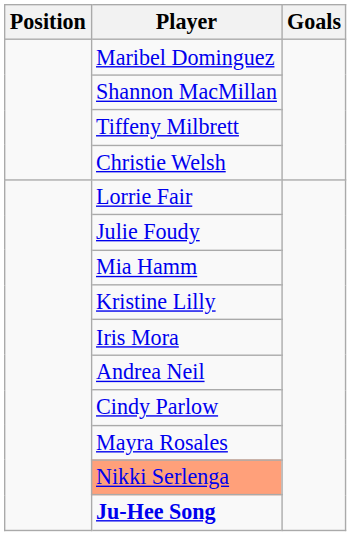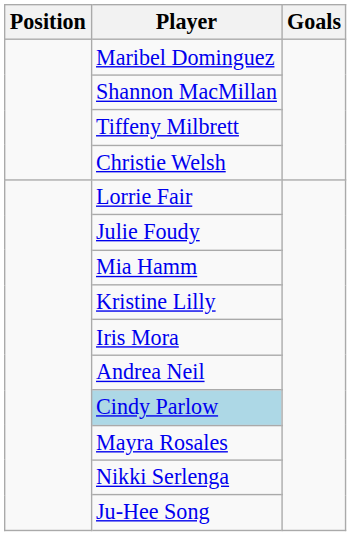 <table class="wikitable">
 <tr>
 <th>Position</th>
 <th>Player</th>
 <th>Goals</th>
 </tr>
 <tr>
 <td rowspan=4></td>
 <td> <a href='#'>Maribel Dominguez</a></td>
 <td rowspan=4></td>
 </tr>
 <tr>
 <td> <a href='#'>Shannon MacMillan</a></td>
 </tr>
 <tr>
 <td> <a href='#'>Tiffeny Milbrett</a></td>
 </tr>
 <tr>
 <td> <a href='#'>Christie Welsh</a></td>
 </tr>
 <tr>
 <td rowspan=10></td>
 <td> <a href='#'>Lorrie Fair</a></td>
 <td rowspan=10></td>
 </tr>
 <tr>
 <td> <a href='#'>Julie Foudy</a></td>
 </tr>
 <tr>
 <td> <a href='#'>Mia Hamm</a></td>
 </tr>
 <tr>
 <td> <a href='#'>Kristine Lilly</a></td>
 </tr>
 <tr>
 <td> <a href='#'>Iris Mora</a></td>
 </tr>
 <tr>
 <td> <a href='#'>Andrea Neil</a></td>
 </tr>
 <tr>
-<td> <a href='#'>Cindy Parlow</a></td>
+<td style="background: lightblue;"> <a href='#'>Cindy Parlow</a></td>
 </tr>
 <tr>
 <td> <a href='#'>Mayra Rosales</a></td>
 </tr>
 <tr>
-<td style="background: lightsalmon;"> <a href='#'>Nikki Serlenga</a></td>
+<td> <a href='#'>Nikki Serlenga</a></td>
 </tr>
 <tr>
-<td><strong> <a href='#'>Ju-Hee Song</a></strong></td>
+<td> <a href='#'>Ju-Hee Song</a></td>
 </tr>
 </table>
